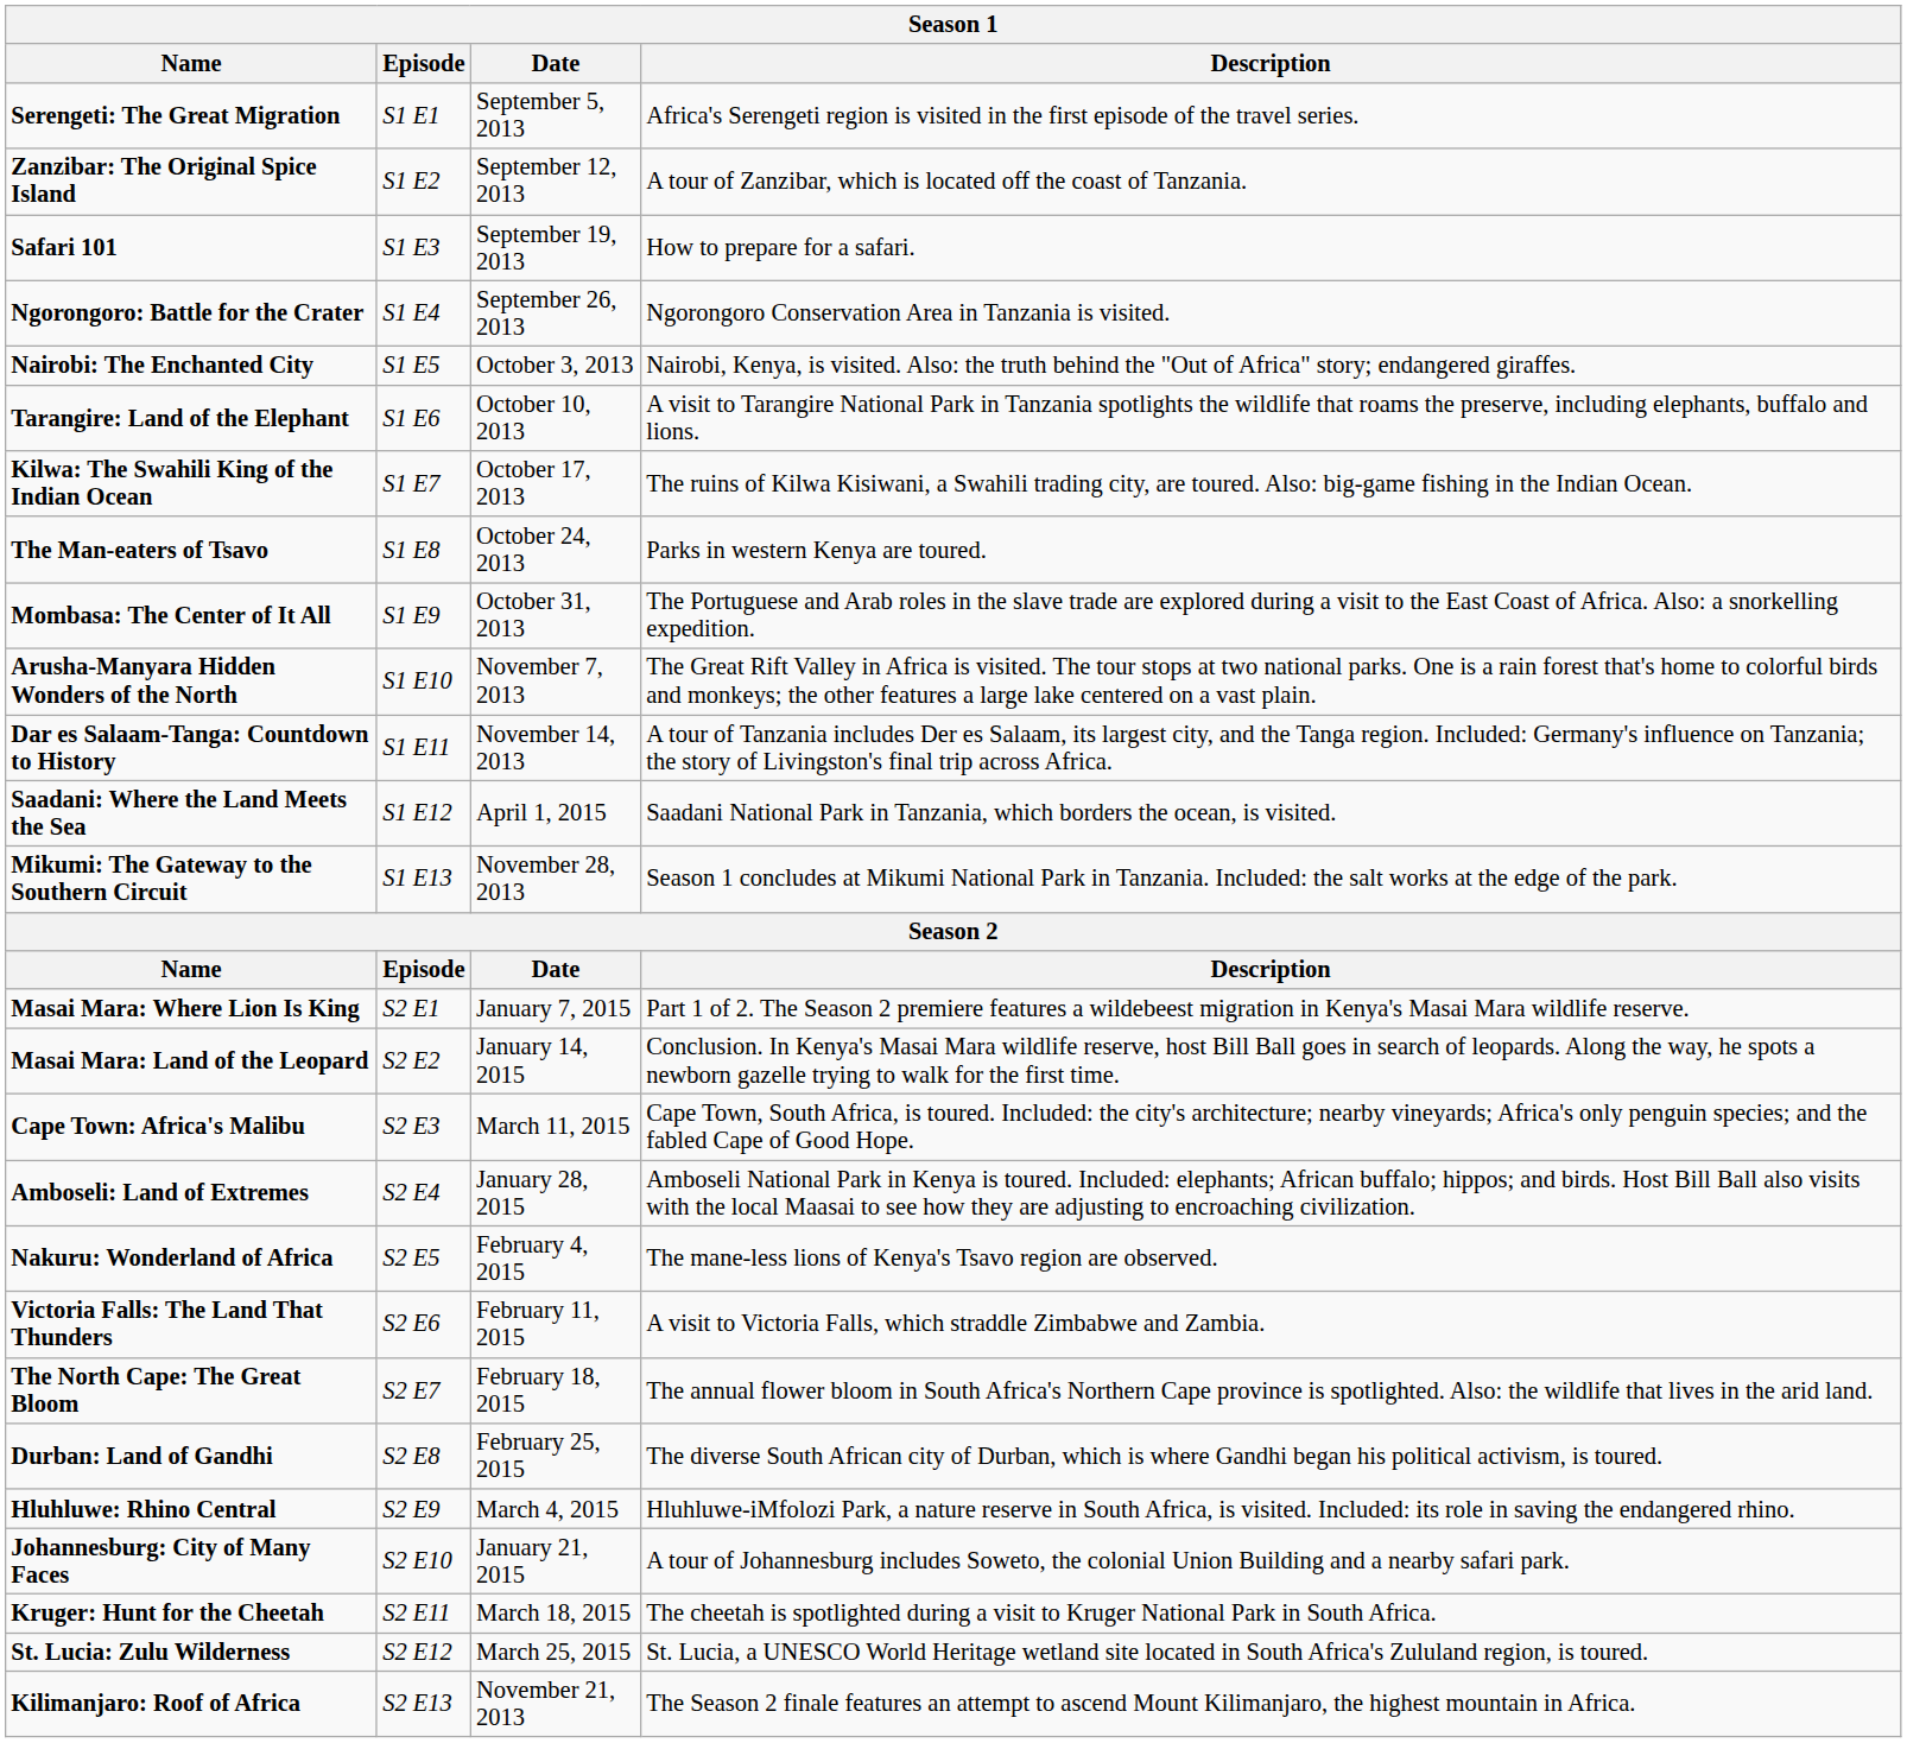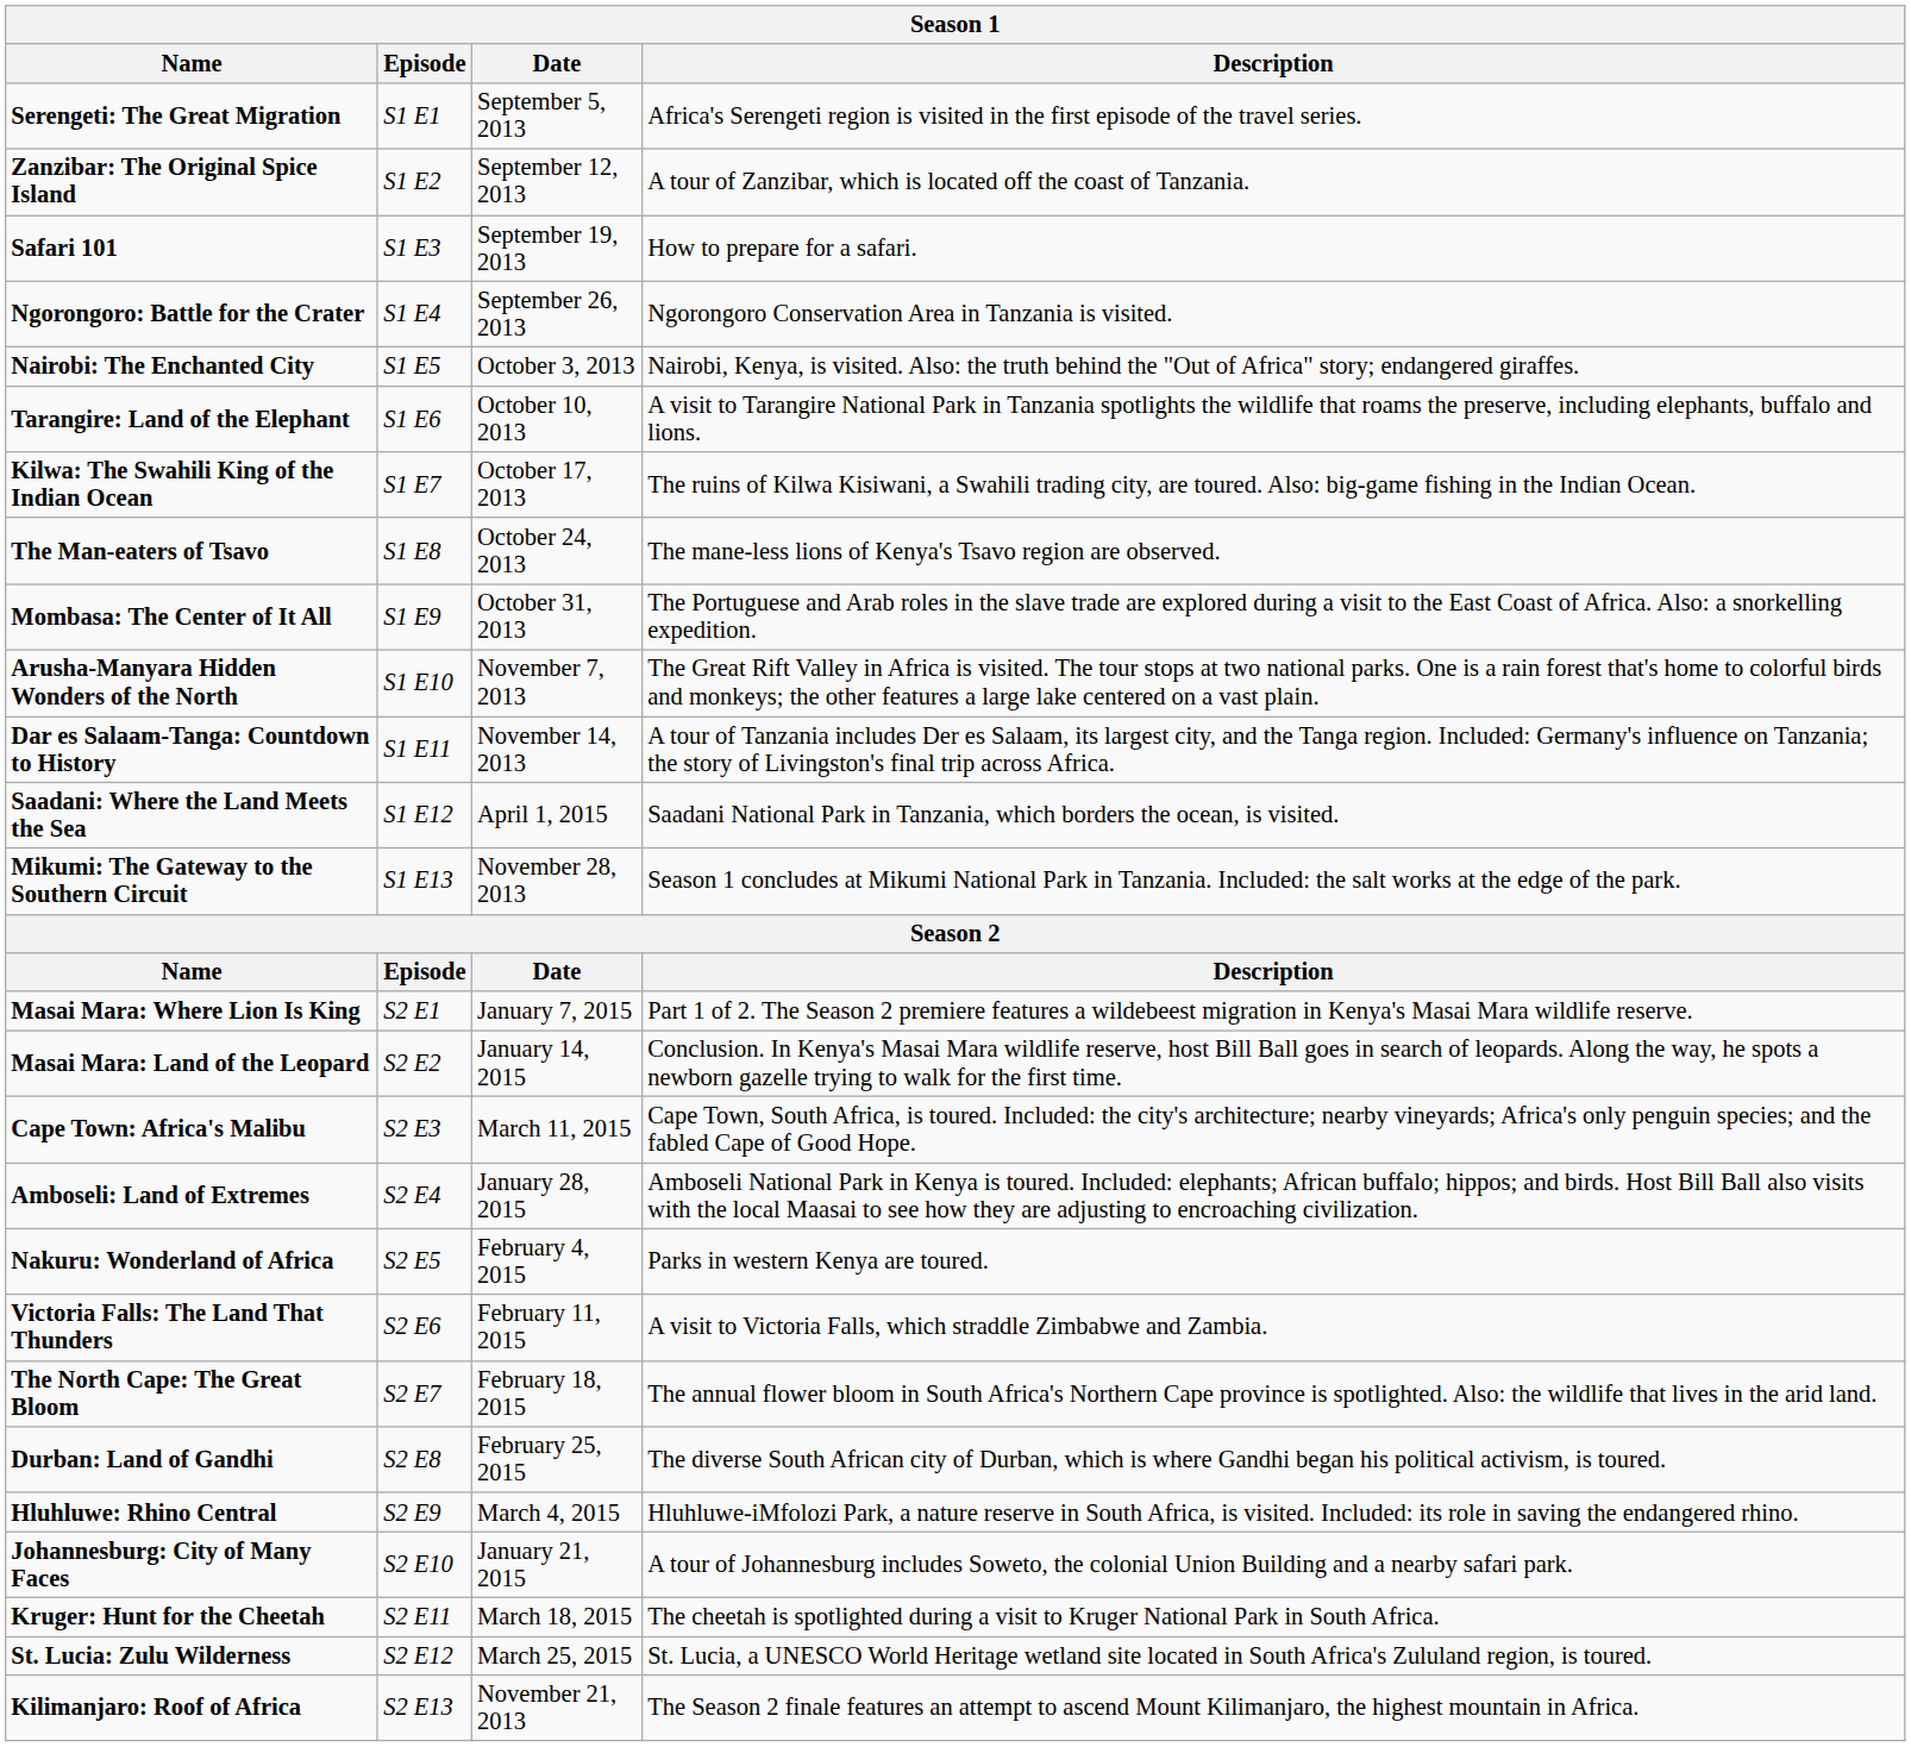 <table class="wikitable">
 <tr>
 <th colspan="4">Season 1</th>
 </tr>
 <tr>
 <th>Name</th>
 <th>Episode</th>
 <th>Date</th>
 <th>Description</th>
 </tr>
 <tr>
 <td><strong>Serengeti: The Great Migration</strong></td>
 <td><em>S1 E1</em></td>
 <td>September 5, 2013</td>
 <td>Africa's Serengeti region is visited in the first episode of the travel series.</td>
 </tr>
 <tr>
 <td><strong>Zanzibar: The Original Spice Island</strong></td>
 <td><em>S1 E2</em></td>
 <td>September 12, 2013</td>
 <td>A tour of Zanzibar, which is located off the coast of Tanzania.</td>
 </tr>
 <tr>
 <td><strong>Safari 101</strong></td>
 <td><em>S1 E3</em></td>
 <td>September 19, 2013</td>
 <td>How to prepare for a safari.</td>
 </tr>
 <tr>
 <td><strong>Ngorongoro: Battle for the Crater</strong></td>
 <td><em>S1 E4</em></td>
 <td>September 26, 2013</td>
 <td>Ngorongoro Conservation Area in Tanzania is visited.</td>
 </tr>
 <tr>
 <td><strong>Nairobi: The Enchanted City</strong></td>
 <td><em>S1 E5</em></td>
 <td>October 3, 2013</td>
 <td>Nairobi, Kenya, is visited. Also: the truth behind the "Out of Africa" story; endangered giraffes.</td>
 </tr>
 <tr>
 <td><strong>Tarangire: Land of the Elephant</strong></td>
 <td><em>S1 E6</em></td>
 <td>October 10, 2013</td>
 <td>A visit to Tarangire National Park in Tanzania spotlights the wildlife that roams the preserve, including elephants, buffalo and lions.</td>
 </tr>
 <tr>
 <td><strong>Kilwa: The Swahili King of the Indian Ocean</strong></td>
 <td><em>S1 E7</em></td>
 <td>October 17, 2013</td>
 <td>The ruins of Kilwa Kisiwani, a Swahili trading city, are toured. Also: big-game fishing in the Indian Ocean.</td>
 </tr>
 <tr>
 <td><strong>The Man-eaters of Tsavo</strong></td>
 <td><em>S1 E8</em></td>
 <td>October 24, 2013</td>
-<td>Parks in western Kenya are toured.</td>
+<td>The mane-less lions of Kenya's Tsavo region are observed.</td>
 </tr>
 <tr>
 <td><strong>Mombasa: The Center of It All</strong></td>
 <td><em>S1 E9</em></td>
 <td>October 31, 2013</td>
 <td>The Portuguese and Arab roles in the slave trade are explored during a visit to the East Coast of Africa. Also: a snorkelling expedition.</td>
 </tr>
 <tr>
 <td><strong>Arusha-Manyara Hidden Wonders of the North</strong></td>
 <td><em>S1 E10</em></td>
 <td>November 7, 2013</td>
 <td>The Great Rift Valley in Africa is visited. The tour stops at two national parks. One is a rain forest that's home to colorful birds and monkeys; the other features a large lake centered on a vast plain.</td>
 </tr>
 <tr>
 <td><strong>Dar es Salaam-Tanga: Countdown to History</strong></td>
 <td><em>S1 E11</em></td>
 <td>November 14, 2013</td>
 <td>A tour of Tanzania includes Der es Salaam, its largest city, and the Tanga region. Included: Germany's influence on Tanzania; the story of Livingston's final trip across Africa.</td>
 </tr>
 <tr>
 <td><strong>Saadani: Where the Land Meets the Sea</strong></td>
 <td><em>S1 E12</em></td>
 <td>April 1, 2015</td>
 <td>Saadani National Park in Tanzania, which borders the ocean, is visited.</td>
 </tr>
 <tr>
 <td><strong>Mikumi: The Gateway to the Southern Circuit</strong></td>
 <td><em>S1 E13</em></td>
 <td>November 28, 2013</td>
 <td>Season 1 concludes at Mikumi National Park in Tanzania. Included: the salt works at the edge of the park.</td>
 </tr>
 <tr>
 <th colspan="4">Season 2</th>
 </tr>
 <tr>
 <th>Name</th>
 <th>Episode</th>
 <th>Date</th>
 <th>Description</th>
 </tr>
 <tr>
 <td><strong>Masai Mara: Where Lion Is King</strong></td>
 <td><em>S2 E1</em></td>
 <td>January 7, 2015</td>
 <td>Part 1 of 2. The Season 2 premiere features a wildebeest migration in Kenya's Masai Mara wildlife reserve.</td>
 </tr>
 <tr>
 <td><strong>Masai Mara: Land of the Leopard</strong></td>
 <td><em>S2 E2</em></td>
 <td>January 14, 2015</td>
 <td>Conclusion. In Kenya's Masai Mara wildlife reserve, host Bill Ball goes in search of leopards. Along the way, he spots a newborn gazelle trying to walk for the first time.</td>
 </tr>
 <tr>
 <td><strong>Cape Town: Africa's Malibu</strong></td>
 <td><em>S2 E3</em></td>
 <td>March 11, 2015</td>
 <td>Cape Town, South Africa, is toured. Included: the city's architecture; nearby vineyards; Africa's only penguin species; and the fabled Cape of Good Hope.</td>
 </tr>
 <tr>
 <td><strong>Amboseli: Land of Extremes</strong></td>
 <td><em>S2 E4</em></td>
 <td>January 28, 2015</td>
 <td>Amboseli National Park in Kenya is toured. Included: elephants; African buffalo; hippos; and birds. Host Bill Ball also visits with the local Maasai to see how they are adjusting to encroaching civilization.</td>
 </tr>
 <tr>
 <td><strong>Nakuru: Wonderland of Africa</strong></td>
 <td><em>S2 E5</em></td>
 <td>February 4, 2015</td>
-<td>The mane-less lions of Kenya's Tsavo region are observed.</td>
+<td>Parks in western Kenya are toured.</td>
 </tr>
 <tr>
 <td><strong>Victoria Falls: The Land That Thunders</strong></td>
 <td><em>S2 E6</em></td>
 <td>February 11, 2015</td>
 <td>A visit to Victoria Falls, which straddle Zimbabwe and Zambia.</td>
 </tr>
 <tr>
 <td><strong>The North Cape: The Great Bloom</strong></td>
 <td><em>S2 E7</em></td>
 <td>February 18, 2015</td>
 <td>The annual flower bloom in South Africa's Northern Cape province is spotlighted. Also: the wildlife that lives in the arid land.</td>
 </tr>
 <tr>
 <td><strong>Durban: Land of Gandhi</strong></td>
 <td><em>S2 E8</em></td>
 <td>February 25, 2015</td>
 <td>The diverse South African city of Durban, which is where Gandhi began his political activism, is toured.</td>
 </tr>
 <tr>
 <td><strong>Hluhluwe: Rhino Central</strong></td>
 <td><em>S2 E9</em></td>
 <td>March 4, 2015</td>
 <td>Hluhluwe-iMfolozi Park, a nature reserve in South Africa, is visited. Included: its role in saving the endangered rhino.</td>
 </tr>
 <tr>
 <td><strong>Johannesburg: City of Many Faces</strong></td>
 <td><em>S2 E10</em></td>
 <td>January 21, 2015</td>
 <td>A tour of Johannesburg includes Soweto, the colonial Union Building and a nearby safari park.</td>
 </tr>
 <tr>
 <td><strong>Kruger: Hunt for the Cheetah</strong></td>
 <td><em>S2 E11</em></td>
 <td>March 18, 2015</td>
 <td>The cheetah is spotlighted during a visit to Kruger National Park in South Africa.</td>
 </tr>
 <tr>
 <td><strong>St. Lucia: Zulu Wilderness</strong></td>
 <td><em>S2 E12</em></td>
 <td>March 25, 2015</td>
 <td>St. Lucia, a UNESCO World Heritage wetland site located in South Africa's Zululand region, is toured.</td>
 </tr>
 <tr>
 <td><strong>Kilimanjaro: Roof of Africa</strong></td>
 <td><em>S2 E13</em></td>
 <td>November 21, 2013</td>
 <td>The Season 2 finale features an attempt to ascend Mount Kilimanjaro, the highest mountain in Africa.</td>
 </tr>
 </table>
